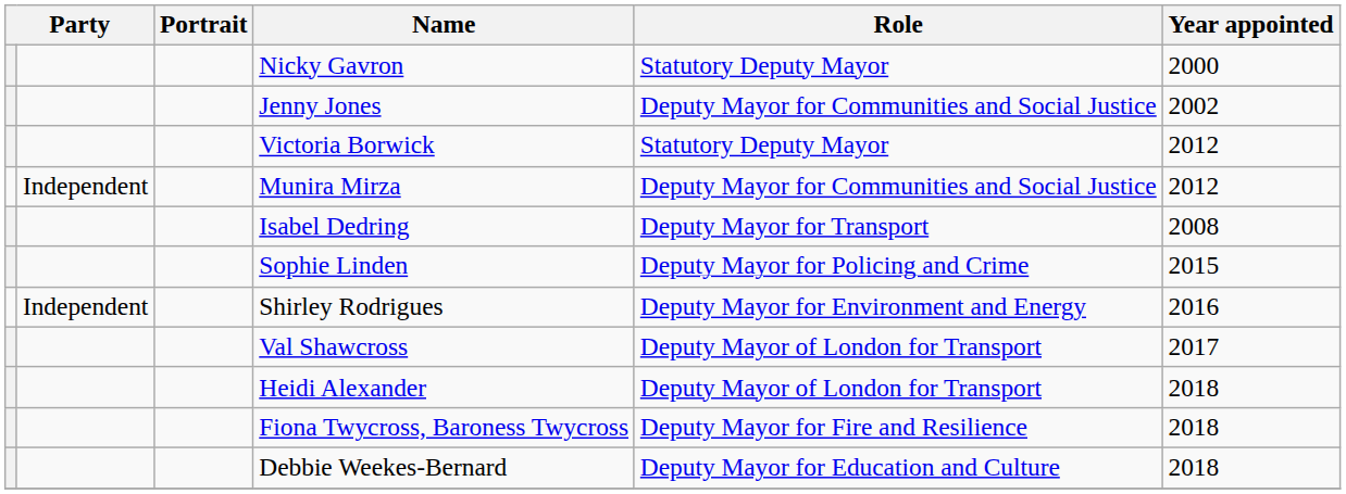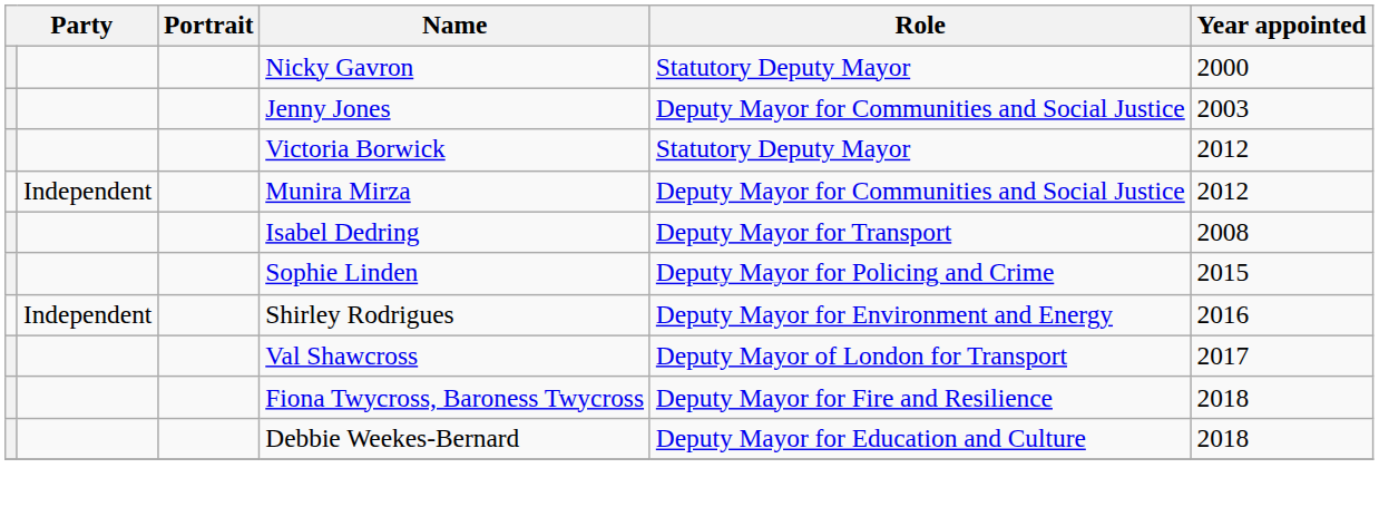 <table class="wikitable sortable">
 <tr>
 <th colspan="2">Party</th>
 <th>Portrait</th>
 <th>Name</th>
 <th>Role</th>
 <th>Year appointed</th>
 </tr>
 <tr>
 <th style="background-color: "></th>
 <td></td>
 <td></td>
 <td><a href='#'>Nicky Gavron</a></td>
 <td><a href='#'>Statutory Deputy Mayor</a></td>
 <td>2000</td>
 </tr>
 <tr>
 <th style="background-color: "></th>
 <td></td>
 <td></td>
 <td><a href='#'>Jenny Jones</a></td>
 <td><a href='#'>Deputy Mayor for Communities and Social Justice</a></td>
-<td>2002</td>
+<td>2003</td>
 </tr>
 <tr>
 <th style="background-color: "></th>
 <td></td>
 <td></td>
 <td><a href='#'>Victoria Borwick</a></td>
 <td><a href='#'>Statutory Deputy Mayor</a></td>
 <td>2012</td>
 </tr>
 <tr>
 <td></td>
 <td>Independent</td>
 <td></td>
 <td><a href='#'>Munira Mirza</a></td>
 <td><a href='#'>Deputy Mayor for Communities and Social Justice</a></td>
 <td>2012</td>
 </tr>
 <tr>
 <th style="background-color: "></th>
 <td></td>
 <td></td>
 <td><a href='#'>Isabel Dedring</a></td>
 <td><a href='#'>Deputy Mayor for Transport</a></td>
 <td>2008</td>
 </tr>
 <tr>
 <th style="background-color: "></th>
 <td></td>
 <td></td>
 <td><a href='#'>Sophie Linden</a></td>
 <td><a href='#'>Deputy Mayor for Policing and Crime</a></td>
 <td>2015</td>
 </tr>
 <tr>
 <td></td>
 <td>Independent</td>
 <td></td>
 <td>Shirley Rodrigues</td>
 <td><a href='#'>Deputy Mayor for Environment and Energy</a></td>
 <td>2016</td>
 </tr>
 <tr>
 <th style="background-color: "></th>
 <td></td>
 <td></td>
 <td><a href='#'>Val Shawcross</a></td>
 <td><a href='#'>Deputy Mayor of London for Transport</a></td>
 <td>2017</td>
 </tr>
 <tr>
 <th style="background-color: "></th>
 <td></td>
 <td></td>
-<td><a href='#'>Heidi Alexander</a></td>
-<td><a href='#'>Deputy Mayor of London for Transport</a></td>
-<td>2018</td>
-</tr>
-<tr>
-<th style="background-color: "></th>
-<td></td>
-<td></td>
 <td><a href='#'>Fiona Twycross, Baroness Twycross</a></td>
 <td><a href='#'>Deputy Mayor for Fire and Resilience</a></td>
 <td>2018</td>
 </tr>
 <tr>
 <th style="background-color: "></th>
 <td></td>
 <td></td>
 <td>Debbie Weekes-Bernard</td>
 <td><a href='#'>Deputy Mayor for Education and Culture</a></td>
 <td>2018</td>
 </tr>
 <tr>
 </tr>
 </table>
